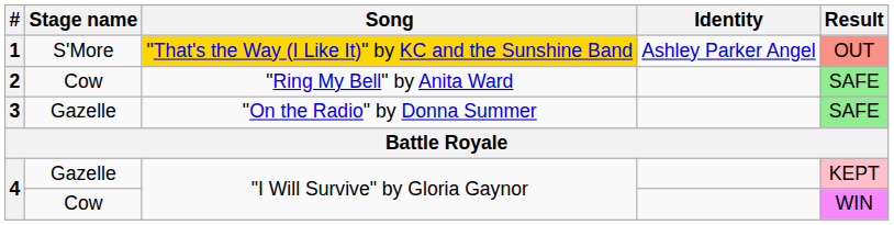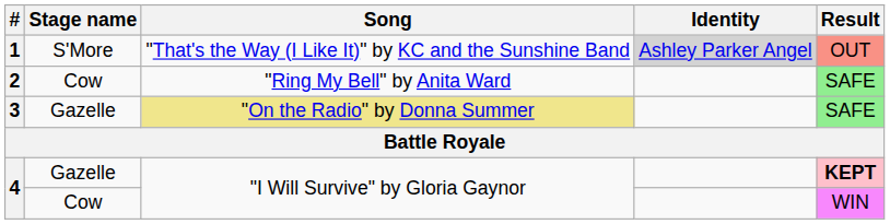 <table class="wikitable plainrowheaders" style="text-align: center;">
 <tr>
 <th>#</th>
 <th>Stage name</th>
 <th>Song</th>
 <th>Identity</th>
 <th>Result</th>
 </tr>
 <tr>
 <th>1</th>
 <td>S'More</td>
-<td style="background: gold;">"<a href='#'>That's the Way (I Like It)</a>" by <a href='#'>KC and the Sunshine Band</a></td>
-<td><a href='#'>Ashley Parker Angel</a></td>
+<td>"<a href='#'>That's the Way (I Like It)</a>" by <a href='#'>KC and the Sunshine Band</a></td>
+<td style="background: lightgrey;"><a href='#'>Ashley Parker Angel</a></td>
 <td bgcolor=#F99185>OUT</td>
 </tr>
 <tr>
 <th>2</th>
 <td>Cow</td>
 <td>"<a href='#'>Ring My Bell</a>" by <a href='#'>Anita Ward</a></td>
 <td></td>
 <td bgcolor=lightgreen>SAFE</td>
 </tr>
 <tr>
 <th>3</th>
 <td>Gazelle</td>
-<td>"<a href='#'>On the Radio</a>" by <a href='#'>Donna Summer</a></td>
+<td style="background: khaki;">"<a href='#'>On the Radio</a>" by <a href='#'>Donna Summer</a></td>
 <td></td>
 <td bgcolor=lightgreen>SAFE</td>
 </tr>
 <tr>
 <th colspan=5>Battle Royale</th>
 </tr>
 <tr>
 <th rowspan=2>4</th>
 <td>Gazelle</td>
 <td rowspan=2>"I Will Survive" by Gloria Gaynor</td>
 <td></td>
-<td bgcolor="pink">KEPT</td>
+<td bgcolor="pink"><strong>KEPT</strong></td>
 </tr>
 <tr>
 <td>Cow</td>
 <td></td>
 <td bgcolor="#F888FD">WIN</td>
 </tr>
 </table>
